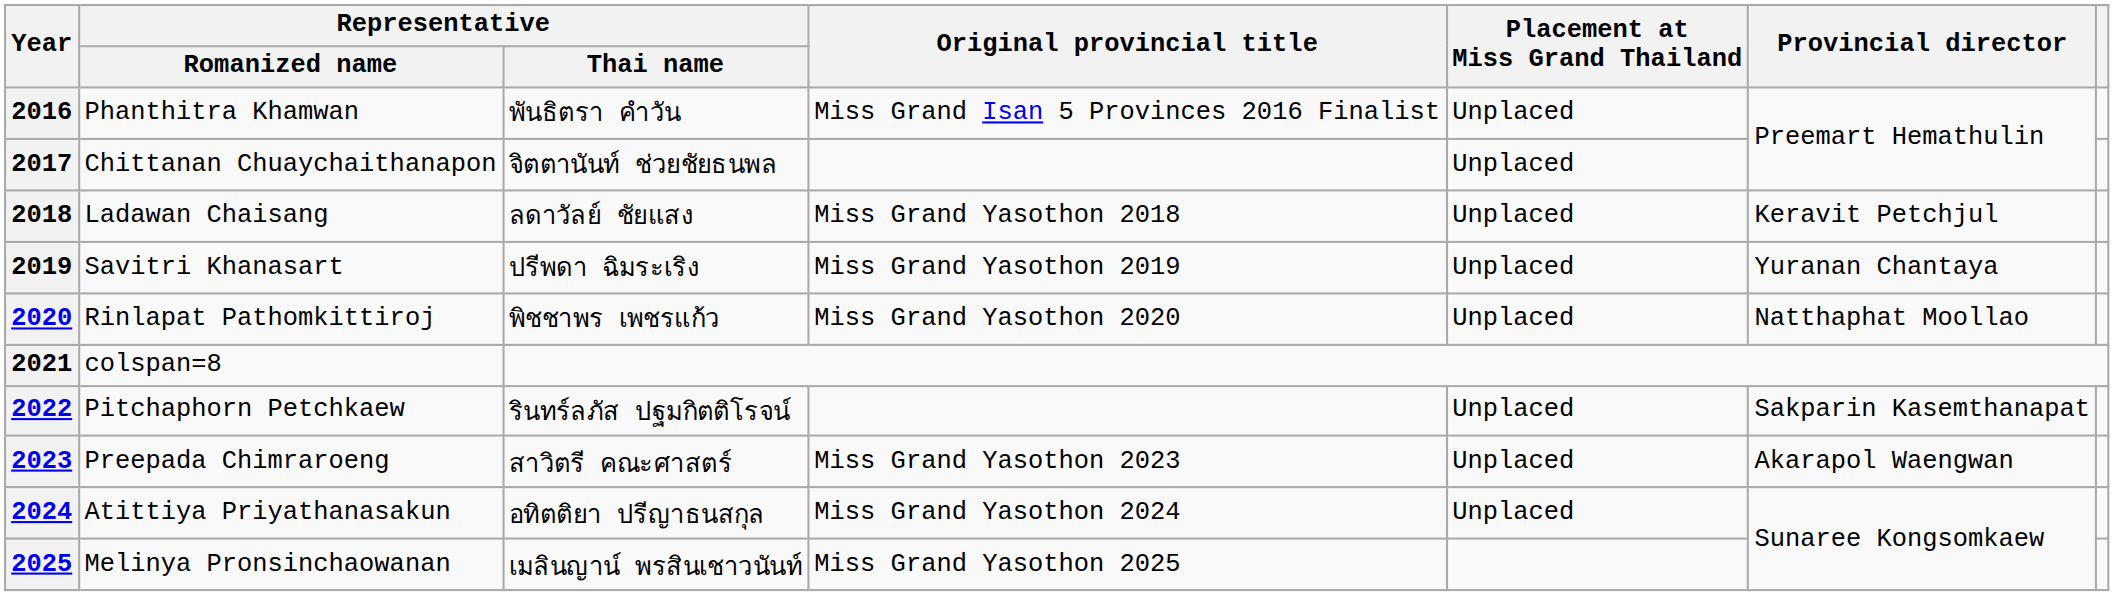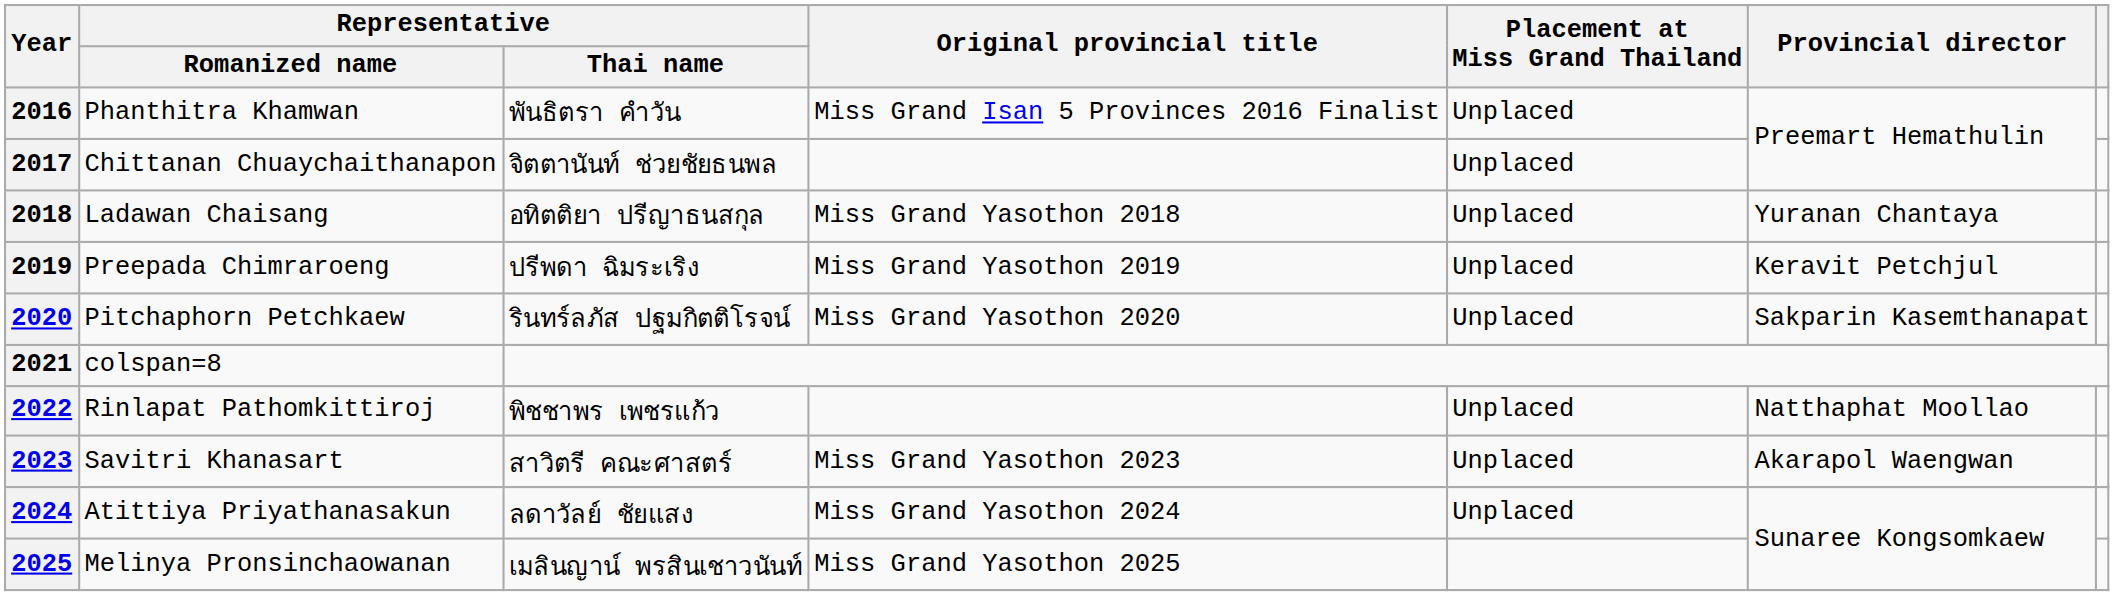 <table class="wikitable defaultcenter col2left col3left col6left" style="font-size:95%;">
 <tr>
 <th rowspan=2>Year</th>
 <th colspan=2>Representative</th>
 <th rowspan=2>Original provincial title</th>
 <th rowspan=2>Placement at<br>Miss Grand Thailand</th>
 <th rowspan=2>Provincial director</th>
 <th rowspan=2></th>
 </tr>
 <tr>
 <th>Romanized name</th>
 <th>Thai name</th>
 </tr>
 <tr>
 <th>2016</th>
 <td>Phanthitra Khamwan</td>
 <td>พันธิตรา คำวัน</td>
 <td>Miss Grand <a href='#'>Isan</a> 5 Provinces 2016 Finalist</td>
 <td>Unplaced</td>
 <td rowspan=2>Preemart Hemathulin<br></td>
 <td></td>
 </tr>
 <tr>
 <th>2017</th>
 <td>Chittanan Chuaychaithanapon</td>
 <td>จิตตานันท์ ช่วยชัยธนพล</td>
 <td></td>
 <td>Unplaced</td>
 <td></td>
 </tr>
 <tr>
 <th>2018</th>
 <td>Ladawan Chaisang</td>
-<td>ลดาวัลย์ ชัยแสง</td>
+<td>อทิตติยา ปรีญาธนสกุล</td>
 <td>Miss Grand Yasothon 2018</td>
+<td>Unplaced</td>
+<td>Yuranan Chantaya</td>
+<td></td>
+</tr>
+<tr>
+<th>2019</th>
+<td>Preepada Chimraroeng</td>
+<td>ปรีพดา ฉิมระเริง</td>
+<td>Miss Grand Yasothon 2019</td>
 <td>Unplaced</td>
 <td>Keravit Petchjul</td>
 <td></td>
 </tr>
 <tr>
-<th>2019</th>
-<td>Savitri Khanasart</td>
-<td>ปรีพดา ฉิมระเริง</td>
-<td>Miss Grand Yasothon 2019</td>
-<td>Unplaced</td>
-<td>Yuranan Chantaya</td>
-<td></td>
-</tr>
-<tr>
 <th><a href='#'>2020</a></th>
-<td>Rinlapat Pathomkittiroj</td>
-<td>พิชชาพร เพชรแก้ว</td>
+<td>Pitchaphorn Petchkaew</td>
+<td>รินทร์ลภัส ปฐมกิตติโรจน์</td>
 <td>Miss Grand Yasothon 2020</td>
 <td>Unplaced</td>
-<td>Natthaphat Moollao</td>
+<td>Sakparin Kasemthanapat</td>
 <td></td>
 </tr>
 <tr>
 <th>2021</th>
 <td>colspan=8 </td>
 </tr>
 <tr>
 <th><a href='#'>2022</a></th>
-<td>Pitchaphorn Petchkaew</td>
-<td>รินทร์ลภัส ปฐมกิตติโรจน์</td>
+<td>Rinlapat Pathomkittiroj</td>
+<td>พิชชาพร เพชรแก้ว</td>
 <td></td>
 <td>Unplaced</td>
-<td>Sakparin Kasemthanapat</td>
+<td>Natthaphat Moollao</td>
 <td></td>
 </tr>
 <tr>
 <th><a href='#'>2023</a></th>
-<td>Preepada Chimraroeng</td>
+<td>Savitri Khanasart</td>
 <td>สาวิตรี คณะศาสตร์</td>
 <td>Miss Grand Yasothon 2023</td>
 <td>Unplaced</td>
 <td>Akarapol Waengwan</td>
 <td></td>
 </tr>
 <tr>
 <th><a href='#'>2024</a></th>
 <td>Atittiya Priyathanasakun</td>
-<td>อทิตติยา ปรีญาธนสกุล</td>
+<td>ลดาวัลย์ ชัยแสง</td>
 <td>Miss Grand Yasothon 2024</td>
 <td>Unplaced</td>
 <td rowspan=2>Sunaree Kongsomkaew</td>
 <td></td>
 </tr>
 <tr>
 <th><a href='#'>2025</a></th>
 <td>Melinya Pronsinchaowanan</td>
 <td>เมลินญาน์ พรสินเชาวนันท์</td>
 <td>Miss Grand Yasothon 2025</td>
 <td></td>
 <td></td>
 </tr>
 </table>
